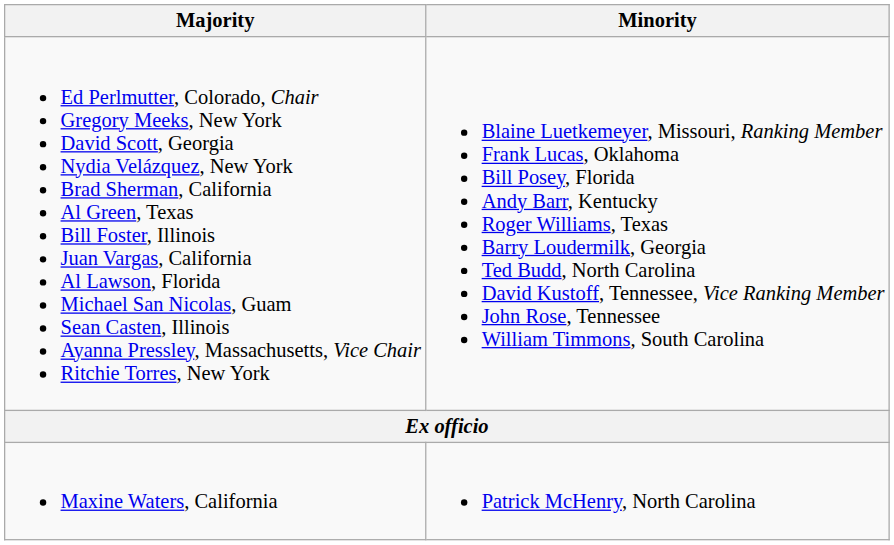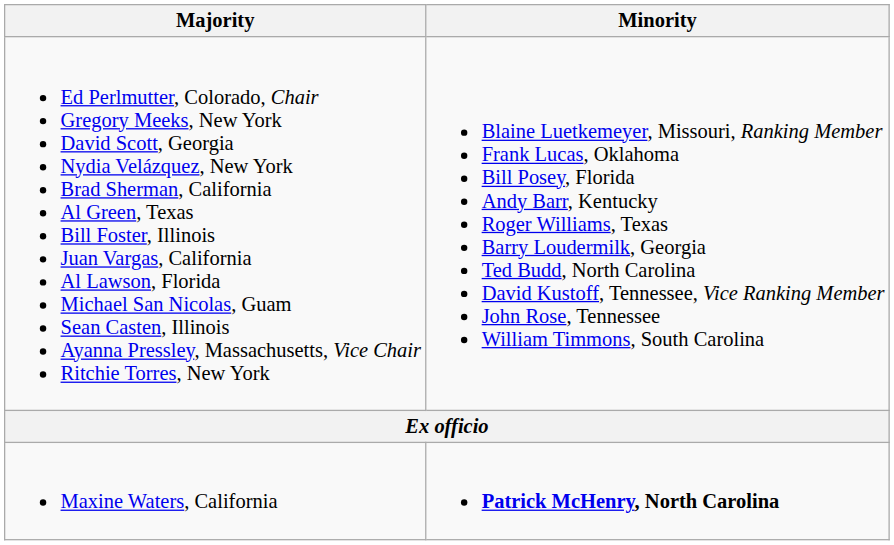 <table class=wikitable>
 <tr>
 <th>Majority</th>
 <th>Minority</th>
 </tr>
 <tr>
 <td><br><ul><li><a href='#'>Ed Perlmutter</a>, Colorado, <em>Chair</em></li><li><a href='#'>Gregory Meeks</a>, New York</li><li><a href='#'>David Scott</a>, Georgia</li><li><a href='#'>Nydia Velázquez</a>, New York</li><li><a href='#'>Brad Sherman</a>, California</li><li><a href='#'>Al Green</a>, Texas</li><li><a href='#'>Bill Foster</a>, Illinois</li><li><a href='#'>Juan Vargas</a>, California</li><li><a href='#'>Al Lawson</a>, Florida</li><li><a href='#'>Michael San Nicolas</a>, Guam</li><li><a href='#'>Sean Casten</a>, Illinois</li><li><a href='#'>Ayanna Pressley</a>, Massachusetts, <em>Vice Chair</em></li><li><a href='#'>Ritchie Torres</a>, New York</li></ul></td>
 <td><br><ul><li><a href='#'>Blaine Luetkemeyer</a>, Missouri, <em>Ranking Member</em></li><li><a href='#'>Frank Lucas</a>, Oklahoma</li><li><a href='#'>Bill Posey</a>, Florida</li><li><a href='#'>Andy Barr</a>, Kentucky</li><li><a href='#'>Roger Williams</a>, Texas</li><li><a href='#'>Barry Loudermilk</a>, Georgia</li><li><a href='#'>Ted Budd</a>, North Carolina</li><li><a href='#'>David Kustoff</a>, Tennessee, <em>Vice Ranking Member</em></li><li><a href='#'>John Rose</a>, Tennessee</li><li><a href='#'>William Timmons</a>, South Carolina</li></ul></td>
 </tr>
 <tr>
 <th colspan=2><em>Ex officio</em></th>
 </tr>
 <tr>
 <td><br><ul><li><a href='#'>Maxine Waters</a>, California</li></ul></td>
-<td><br><ul><li><a href='#'>Patrick McHenry</a>, North Carolina</li></ul></td>
+<td><strong><br><ul><li><a href='#'>Patrick McHenry</a>, North Carolina</li></ul></strong></td>
 </tr>
 </table>
